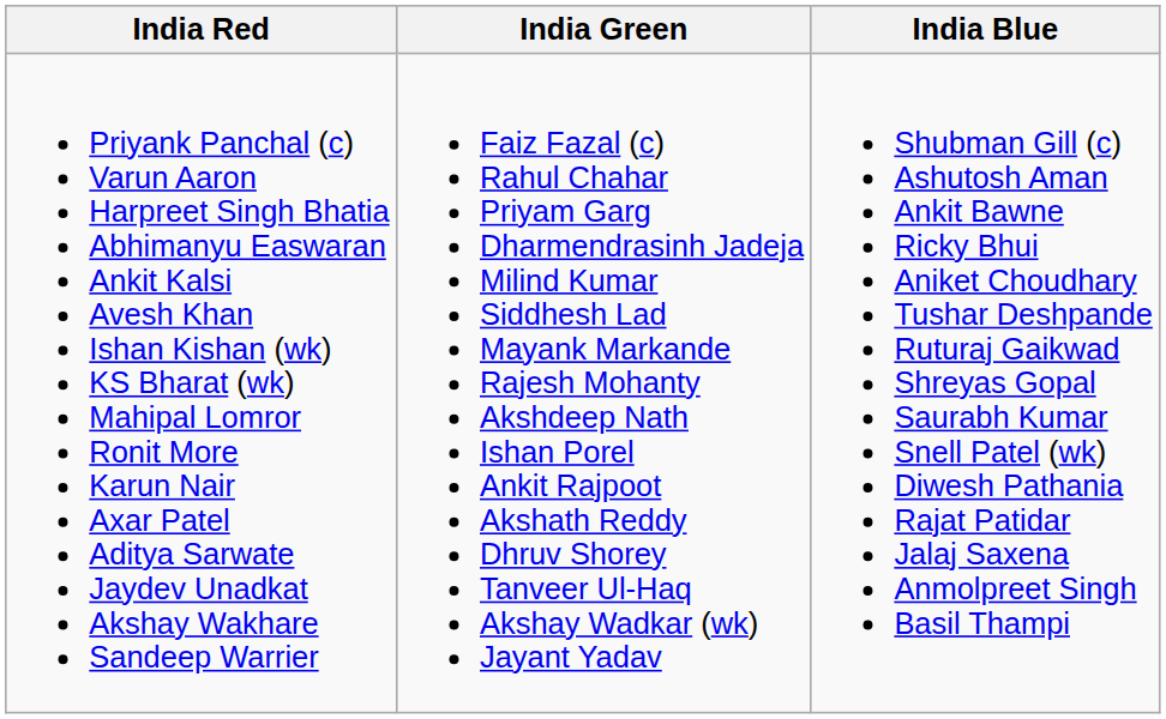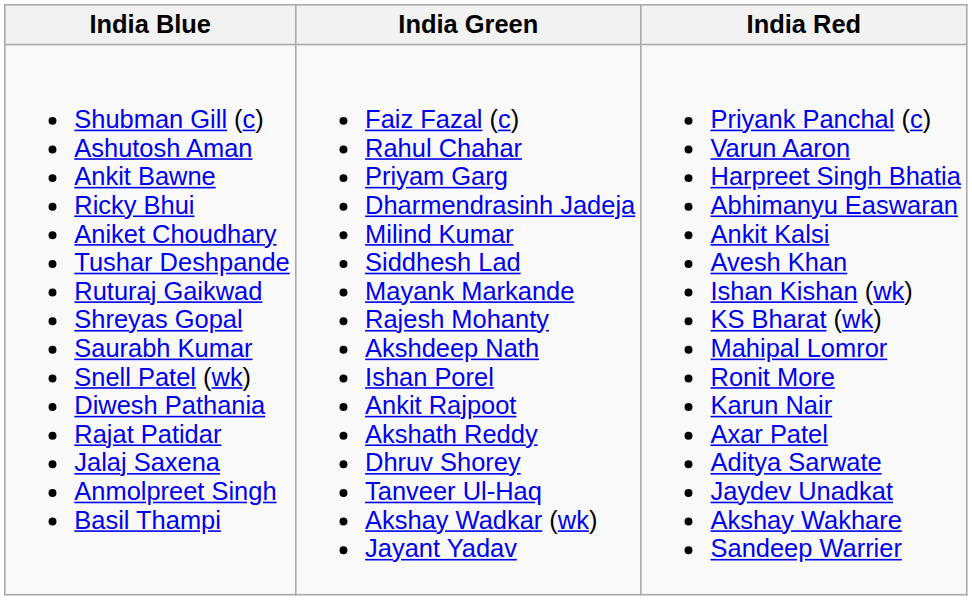 <table class="wikitable" style="text-align:left; margin:auto">
 <tr>
+<th>India Blue</th>
+<th>India Green</th>
 <th>India Red</th>
-<th>India Green</th>
-<th>India Blue</th>
 </tr>
 <tr style="vertical-align:top">
+<td><br><ul><li><a href='#'>Shubman Gill</a> (<a href='#'>c</a>)</li><li><a href='#'>Ashutosh Aman</a></li><li><a href='#'>Ankit Bawne</a></li><li><a href='#'>Ricky Bhui</a></li><li><a href='#'>Aniket Choudhary</a></li><li><a href='#'>Tushar Deshpande</a></li><li><a href='#'>Ruturaj Gaikwad</a></li><li><a href='#'>Shreyas Gopal</a></li><li><a href='#'>Saurabh Kumar</a></li><li><a href='#'>Snell Patel</a> (<a href='#'>wk</a>)</li><li><a href='#'>Diwesh Pathania</a></li><li><a href='#'>Rajat Patidar</a></li><li><a href='#'>Jalaj Saxena</a></li><li><a href='#'>Anmolpreet Singh</a></li><li><a href='#'>Basil Thampi</a></li></ul></td>
+<td><br><ul><li><a href='#'>Faiz Fazal</a> (<a href='#'>c</a>)</li><li><a href='#'>Rahul Chahar</a></li><li><a href='#'>Priyam Garg</a></li><li><a href='#'>Dharmendrasinh Jadeja</a></li><li><a href='#'>Milind Kumar</a></li><li><a href='#'>Siddhesh Lad</a></li><li><a href='#'>Mayank Markande</a></li><li><a href='#'>Rajesh Mohanty</a></li><li><a href='#'>Akshdeep Nath</a></li><li><a href='#'>Ishan Porel</a></li><li><a href='#'>Ankit Rajpoot</a></li><li><a href='#'>Akshath Reddy</a></li><li><a href='#'>Dhruv Shorey</a></li><li><a href='#'>Tanveer Ul-Haq</a></li><li><a href='#'>Akshay Wadkar</a> (<a href='#'>wk</a>)</li><li><a href='#'>Jayant Yadav</a></li></ul></td>
 <td><br><ul><li><a href='#'>Priyank Panchal</a> (<a href='#'>c</a>)</li><li><a href='#'>Varun Aaron</a></li><li><a href='#'>Harpreet Singh Bhatia</a></li><li><a href='#'>Abhimanyu Easwaran</a></li><li><a href='#'>Ankit Kalsi</a></li><li><a href='#'>Avesh Khan</a></li><li><a href='#'>Ishan Kishan</a> (<a href='#'>wk</a>)</li><li><a href='#'>KS Bharat</a> (<a href='#'>wk</a>)</li><li><a href='#'>Mahipal Lomror</a></li><li><a href='#'>Ronit More</a></li><li><a href='#'>Karun Nair</a></li><li><a href='#'>Axar Patel</a></li><li><a href='#'>Aditya Sarwate</a></li><li><a href='#'>Jaydev Unadkat</a></li><li><a href='#'>Akshay Wakhare</a></li><li><a href='#'>Sandeep Warrier</a></li></ul></td>
-<td><br><ul><li><a href='#'>Faiz Fazal</a> (<a href='#'>c</a>)</li><li><a href='#'>Rahul Chahar</a></li><li><a href='#'>Priyam Garg</a></li><li><a href='#'>Dharmendrasinh Jadeja</a></li><li><a href='#'>Milind Kumar</a></li><li><a href='#'>Siddhesh Lad</a></li><li><a href='#'>Mayank Markande</a></li><li><a href='#'>Rajesh Mohanty</a></li><li><a href='#'>Akshdeep Nath</a></li><li><a href='#'>Ishan Porel</a></li><li><a href='#'>Ankit Rajpoot</a></li><li><a href='#'>Akshath Reddy</a></li><li><a href='#'>Dhruv Shorey</a></li><li><a href='#'>Tanveer Ul-Haq</a></li><li><a href='#'>Akshay Wadkar</a> (<a href='#'>wk</a>)</li><li><a href='#'>Jayant Yadav</a></li></ul></td>
-<td><br><ul><li><a href='#'>Shubman Gill</a> (<a href='#'>c</a>)</li><li><a href='#'>Ashutosh Aman</a></li><li><a href='#'>Ankit Bawne</a></li><li><a href='#'>Ricky Bhui</a></li><li><a href='#'>Aniket Choudhary</a></li><li><a href='#'>Tushar Deshpande</a></li><li><a href='#'>Ruturaj Gaikwad</a></li><li><a href='#'>Shreyas Gopal</a></li><li><a href='#'>Saurabh Kumar</a></li><li><a href='#'>Snell Patel</a> (<a href='#'>wk</a>)</li><li><a href='#'>Diwesh Pathania</a></li><li><a href='#'>Rajat Patidar</a></li><li><a href='#'>Jalaj Saxena</a></li><li><a href='#'>Anmolpreet Singh</a></li><li><a href='#'>Basil Thampi</a></li></ul></td>
 </tr>
 </table>
